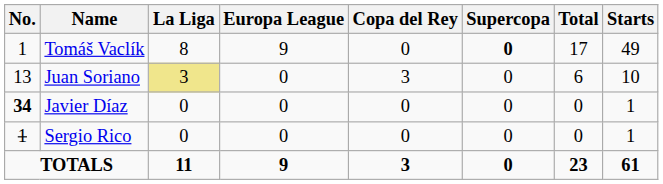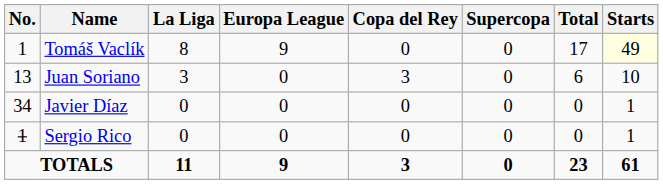 <table class="wikitable" style="text-align: center;">
 <tr>
 <th>No.</th>
 <th>Name</th>
 <th>La Liga</th>
 <th>Europa League</th>
 <th>Copa del Rey</th>
 <th>Supercopa</th>
 <th>Total</th>
 <th>Starts</th>
 </tr>
 <tr>
 <td>1</td>
 <td align=left> <a href='#'>Tomáš Vaclík</a></td>
 <td>8</td>
 <td>9</td>
 <td>0</td>
-<td><strong>0</strong></td>
+<td>0</td>
 <td>17</td>
-<td>49</td>
+<td style="background: lightyellow;">49</td>
 </tr>
 <tr>
 <td>13</td>
 <td align=left> <a href='#'>Juan Soriano</a></td>
-<td style="background: khaki;">3</td>
+<td>3</td>
 <td>0</td>
 <td>3</td>
 <td>0</td>
 <td>6</td>
 <td>10</td>
 </tr>
 <tr>
-<td><strong>34</strong></td>
+<td>34</td>
 <td align=left> <a href='#'>Javier Díaz</a></td>
 <td>0</td>
 <td>0</td>
 <td>0</td>
 <td>0</td>
 <td>0</td>
 <td>1</td>
 </tr>
 <tr>
 <td><s>1</s></td>
 <td align=left> <a href='#'>Sergio Rico</a></td>
 <td>0</td>
 <td>0</td>
 <td>0</td>
 <td>0</td>
 <td>0</td>
 <td>1</td>
 </tr>
 <tr>
 <td colspan=2><strong>TOTALS</strong></td>
 <td><strong>11</strong></td>
 <td><strong>9</strong></td>
 <td><strong>3</strong></td>
 <td><strong>0</strong></td>
 <td><strong>23</strong></td>
 <td><strong>61</strong></td>
 </tr>
 </table>
